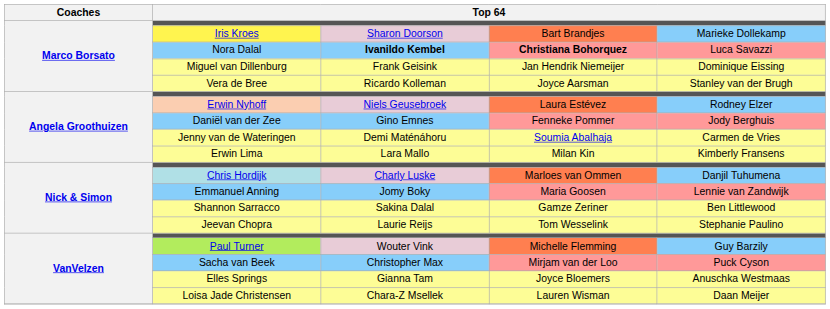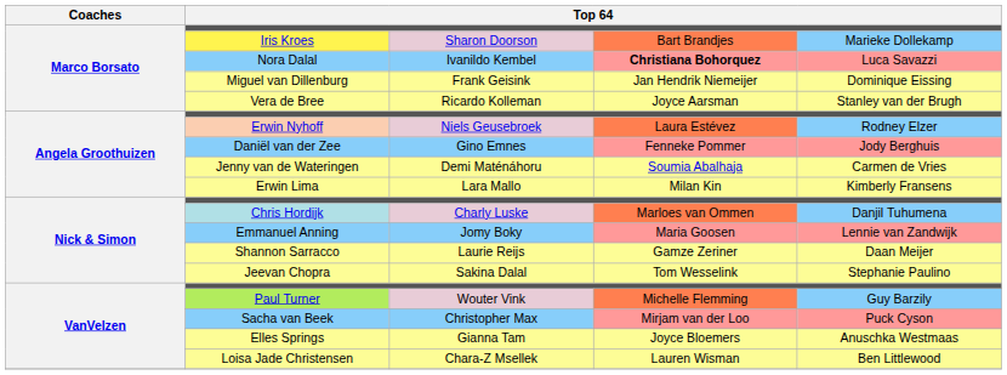 <table class="wikitable" style="text-align:center; width:100%;">
 <tr>
 <th width="15%">Coaches</th>
 <th width="83%" colspan="5">Top 64</th>
 </tr>
 <tr>
 <th rowspan="5"><a href='#'>Marco Borsato</a></th>
 <td colspan="4" style="background:#555555;"></td>
 </tr>
 <tr>
 <td style="background:#FFF44F; width:17%"><a href='#'>Iris Kroes</a></td>
 <td style="background:#E8CCD7; width:17%"><a href='#'>Sharon Doorson</a></td>
 <td style="background:#FF7F50; width:17%">Bart Brandjes</td>
 <td style="background:#87CEFA; width:17%">Marieke Dollekamp</td>
 </tr>
 <tr>
 <td style="background:#87CEFA;">Nora Dalal</td>
-<td style="background:#87CEFA;"><strong>Ivanildo Kembel</strong></td>
+<td style="background:#87CEFA;">Ivanildo Kembel</td>
 <td style="background:#FF9999;"><strong>Christiana Bohorquez</strong></td>
 <td style="background:#FF9999;">Luca Savazzi</td>
 </tr>
 <tr>
 <td style="background:#FDFD96;">Miguel van Dillenburg</td>
 <td style="background:#FDFD96;">Frank Geisink</td>
 <td style="background:#FDFD96;">Jan Hendrik Niemeijer</td>
 <td style="background:#FDFD96;">Dominique Eissing</td>
 </tr>
 <tr>
 <td style="background:#FDFD96;">Vera de Bree</td>
 <td style="background:#FDFD96;">Ricardo Kolleman</td>
 <td style="background:#FDFD96;">Joyce Aarsman</td>
 <td style="background:#FDFD96;">Stanley van der Brugh</td>
 </tr>
 <tr>
 <th rowspan="5"><a href='#'>Angela Groothuizen</a></th>
 <td colspan="4" style="background:#555555;"></td>
 </tr>
 <tr>
 <td style="background:#FBCEB1;"><a href='#'>Erwin Nyhoff</a></td>
 <td style="background:#E8CCD7;"><a href='#'>Niels Geusebroek</a></td>
 <td style="background:#FF7F50;">Laura Estévez</td>
 <td style="background:#87CEFA;">Rodney Elzer</td>
 </tr>
 <tr>
 <td style="background:#87CEFA;">Daniël van der Zee</td>
 <td style="background:#87CEFA;">Gino Emnes</td>
 <td style="background:#FF9999;">Fenneke Pommer</td>
 <td style="background:#FF9999;">Jody Berghuis</td>
 </tr>
 <tr>
 <td style="background:#FDFD96;">Jenny van de Wateringen</td>
 <td style="background:#FDFD96;">Demi Maténáhoru</td>
 <td style="background:#FDFD96;"><a href='#'>Soumia Abalhaja</a></td>
 <td style="background:#FDFD96;">Carmen de Vries</td>
 </tr>
 <tr>
 <td style="background:#FDFD96;">Erwin Lima</td>
 <td style="background:#FDFD96;">Lara Mallo</td>
 <td style="background:#FDFD96;">Milan Kin</td>
 <td style="background:#FDFD96;">Kimberly Fransens</td>
 </tr>
 <tr>
 <th rowspan="5"><a href='#'>Nick & Simon</a></th>
 <td colspan="4" style="background:#555555;"></td>
 </tr>
 <tr>
 <td style="background:#B0E0E6;"><a href='#'>Chris Hordijk</a></td>
 <td style="background:#E8CCD7;"><a href='#'>Charly Luske</a></td>
 <td style="background:#FF7F50;">Marloes van Ommen</td>
 <td style="background:#87CEFA;">Danjil Tuhumena</td>
 </tr>
 <tr>
 <td style="background:#87CEFA;">Emmanuel Anning</td>
 <td style="background:#87CEFA;">Jomy Boky</td>
 <td style="background:#FF9999;">Maria Goosen</td>
 <td style="background:#FF9999;">Lennie van Zandwijk</td>
 </tr>
 <tr>
 <td style="background:#FDFD96;">Shannon Sarracco</td>
-<td style="background:#FDFD96;">Sakina Dalal</td>
+<td style="background:#FDFD96;">Laurie Reijs</td>
 <td style="background:#FDFD96;">Gamze Zeriner</td>
-<td style="background:#FDFD96;">Ben Littlewood</td>
+<td style="background:#FDFD96;">Daan Meijer</td>
 </tr>
 <tr>
 <td style="background:#FDFD96;">Jeevan Chopra</td>
-<td style="background:#FDFD96;">Laurie Reijs</td>
+<td style="background:#FDFD96;">Sakina Dalal</td>
 <td style="background:#FDFD96;">Tom Wesselink</td>
 <td style="background:#FDFD96;">Stephanie Paulino</td>
 </tr>
 <tr>
 <th rowspan="5"><a href='#'>VanVelzen</a></th>
 <td colspan="4" style="background:#555555;"></td>
 </tr>
 <tr>
 <td style="background:#B2EC5D;"><a href='#'>Paul Turner</a></td>
 <td style="background:#E8CCD7;">Wouter Vink</td>
 <td style="background:#FF7F50;">Michelle Flemming</td>
 <td style="background:#87CEFA;">Guy Barzily</td>
 </tr>
 <tr>
 <td style="background:#87CEFA;">Sacha van Beek</td>
 <td style="background:#87CEFA;">Christopher Max</td>
 <td style="background:#FF9999;">Mirjam van der Loo</td>
 <td style="background:#FF9999;">Puck Cyson</td>
 </tr>
 <tr>
 <td style="background:#FDFD96;">Elles Springs</td>
 <td style="background:#FDFD96;">Gianna Tam</td>
 <td style="background:#FDFD96;">Joyce Bloemers</td>
 <td style="background:#FDFD96;">Anuschka Westmaas</td>
 </tr>
 <tr>
 <td style="background:#FDFD96;">Loisa Jade Christensen</td>
 <td style="background:#FDFD96;">Chara-Z Msellek</td>
 <td style="background:#FDFD96;">Lauren Wisman</td>
-<td style="background:#FDFD96;">Daan Meijer</td>
+<td style="background:#FDFD96;">Ben Littlewood</td>
 </tr>
 <tr>
 </tr>
 </table>
